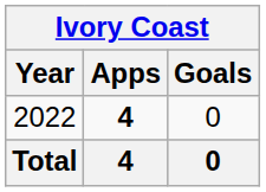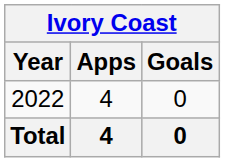 <table class=wikitable style=text-align:center>
 <tr>
 <th colspan=4><a href='#'>Ivory Coast</a></th>
 </tr>
 <tr>
 <th>Year</th>
 <th>Apps</th>
 <th>Goals</th>
 </tr>
 <tr>
 <td>2022</td>
-<td><strong>4</strong></td>
+<td>4</td>
 <td>0</td>
 </tr>
 <tr>
 <th colspan=1>Total</th>
 <th>4</th>
 <th>0</th>
 </tr>
 </table>
